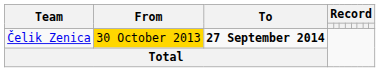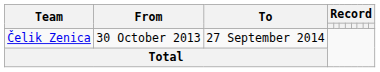 <table class="wikitable" style="text-align: center">
 <tr>
 <th rowspan="2">Team</th>
 <th rowspan="2">From</th>
 <th rowspan="2">To</th>
 <th colspan="8">Record</th>
 </tr>
 <tr>
 <th></th>
 <th></th>
 <th></th>
 <th></th>
 <th></th>
 <th></th>
 <th></th>
 <th></th>
 </tr>
 <tr>
 <td align="left"><a href='#'>Čelik Zenica</a></td>
-<td align="left" style="background: gold;">30 October 2013</td>
-<td align="left"><strong>27 September 2014<br></strong></td>
+<td align="left">30 October 2013</td>
+<td align="left">27 September 2014<br></td>
 </tr>
 <tr>
 <th colspan="3">Total<br></th>
 </tr>
 </table>
